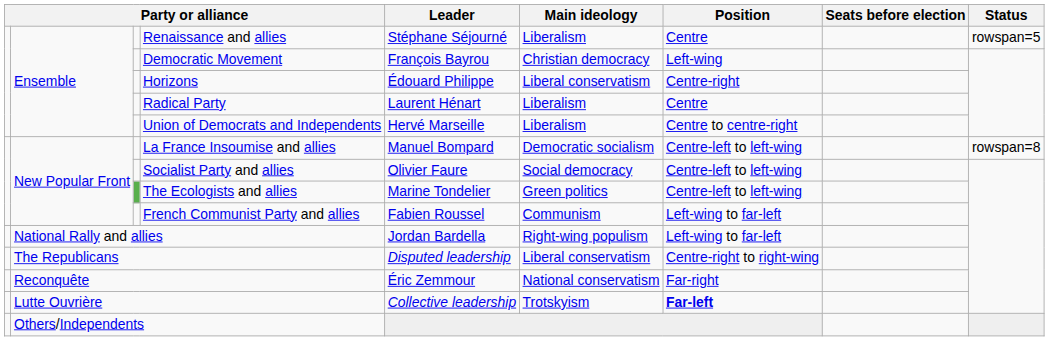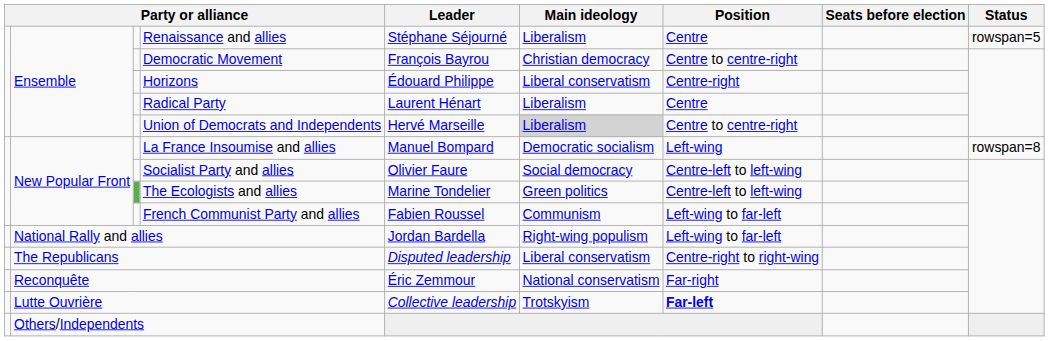 <table class="wikitable nowrap">
 <tr>
 <th colspan=4>Party or alliance</th>
 <th>Leader</th>
 <th>Main ideology</th>
 <th>Position</th>
 <th>Seats before election</th>
 <th>Status</th>
 </tr>
 <tr>
 <td rowspan=5 style=background:></td>
 <td rowspan=5><a href='#'>Ensemble</a></td>
 <td style=background:></td>
 <td><a href='#'>Renaissance</a> and <a href='#'>allies</a></td>
 <td><a href='#'>Stéphane Séjourné</a></td>
 <td><a href='#'>Liberalism</a></td>
 <td><a href='#'>Centre</a></td>
 <td></td>
 <td>rowspan=5 </td>
 </tr>
 <tr>
 <td style=background:></td>
 <td><a href='#'>Democratic Movement</a></td>
 <td><a href='#'>François Bayrou</a></td>
 <td><a href='#'>Christian democracy</a></td>
-<td><a href='#'>Left-wing</a></td>
+<td><a href='#'>Centre</a> to <a href='#'>centre-right</a></td>
 <td></td>
 </tr>
 <tr>
 <td style=background:></td>
 <td><a href='#'>Horizons</a></td>
 <td><a href='#'>Édouard Philippe</a></td>
 <td><a href='#'>Liberal conservatism</a></td>
 <td><a href='#'>Centre-right</a></td>
 <td></td>
 </tr>
 <tr>
 <td style=background:></td>
 <td><a href='#'>Radical Party</a></td>
 <td><a href='#'>Laurent Hénart</a></td>
 <td><a href='#'>Liberalism</a></td>
 <td><a href='#'>Centre</a></td>
 <td></td>
 </tr>
 <tr>
 <td style=background:></td>
 <td><a href='#'>Union of Democrats and Independents</a></td>
 <td><a href='#'>Hervé Marseille</a></td>
-<td><a href='#'>Liberalism</a></td>
+<td style="background: lightgrey;"><a href='#'>Liberalism</a></td>
 <td><a href='#'>Centre</a> to <a href='#'>centre-right</a></td>
 <td></td>
 </tr>
 <tr>
 <td rowspan=4 style=background:></td>
 <td rowspan=4><a href='#'>New Popular Front</a></td>
 <td style=background:></td>
 <td><a href='#'>La France Insoumise</a> and <a href='#'>allies</a></td>
 <td><a href='#'>Manuel Bompard</a></td>
 <td><a href='#'>Democratic socialism</a></td>
-<td><a href='#'>Centre-left</a> to <a href='#'>left-wing</a></td>
+<td><a href='#'>Left-wing</a></td>
 <td></td>
 <td>rowspan=8 </td>
 </tr>
 <tr>
 <td style=background:></td>
 <td><a href='#'>Socialist Party</a> and <a href='#'>allies</a></td>
 <td><a href='#'>Olivier Faure</a></td>
 <td><a href='#'>Social democracy</a></td>
 <td><a href='#'>Centre-left</a> to <a href='#'>left-wing</a></td>
 <td></td>
 </tr>
 <tr>
 <td style=background:#58AF4C></td>
 <td><a href='#'>The Ecologists</a> and <a href='#'>allies</a></td>
 <td><a href='#'>Marine Tondelier</a></td>
 <td><a href='#'>Green politics</a></td>
 <td><a href='#'>Centre-left</a> to <a href='#'>left-wing</a></td>
 <td></td>
 </tr>
 <tr>
 <td style=background:></td>
 <td><a href='#'>French Communist Party</a> and <a href='#'>allies</a></td>
 <td><a href='#'>Fabien Roussel</a></td>
 <td><a href='#'>Communism</a></td>
 <td><a href='#'>Left-wing</a> to <a href='#'>far-left</a></td>
 <td></td>
 </tr>
 <tr>
 <td style=background:></td>
 <td colspan=3><a href='#'>National Rally</a> and <a href='#'>allies</a></td>
 <td><a href='#'>Jordan Bardella</a></td>
 <td><a href='#'>Right-wing populism</a></td>
 <td><a href='#'>Left-wing</a> to <a href='#'>far-left</a></td>
 <td></td>
 </tr>
 <tr>
 <td style=background:></td>
 <td colspan=3><a href='#'>The Republicans</a></td>
 <td><em><a href='#'>Disputed leadership</a></em></td>
 <td><a href='#'>Liberal conservatism</a></td>
 <td><a href='#'>Centre-right</a> to <a href='#'>right-wing</a></td>
 <td></td>
 </tr>
 <tr>
 <td style=background:></td>
 <td colspan=3><a href='#'>Reconquête</a></td>
 <td><a href='#'>Éric Zemmour</a></td>
 <td><a href='#'>National conservatism</a></td>
 <td><a href='#'>Far-right</a></td>
 <td></td>
 </tr>
 <tr>
 <td style=background:></td>
 <td colspan=3><a href='#'>Lutte Ouvrière</a></td>
 <td><em><a href='#'>Collective leadership</a></em></td>
 <td><a href='#'>Trotskyism</a></td>
 <td><strong><a href='#'>Far-left</a></strong></td>
 <td></td>
 </tr>
 <tr>
 <td style=background:></td>
 <td colspan=3><a href='#'>Others</a>/<a href='#'>Independents</a></td>
 <td colspan=3 style=background:#efefef;text-align:center></td>
 <td></td>
 <td style=background:#efefef;text-align:center></td>
 </tr>
 </table>
